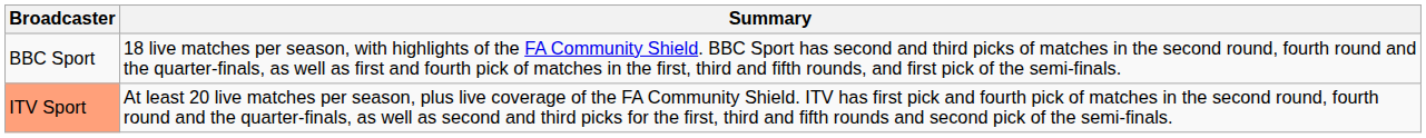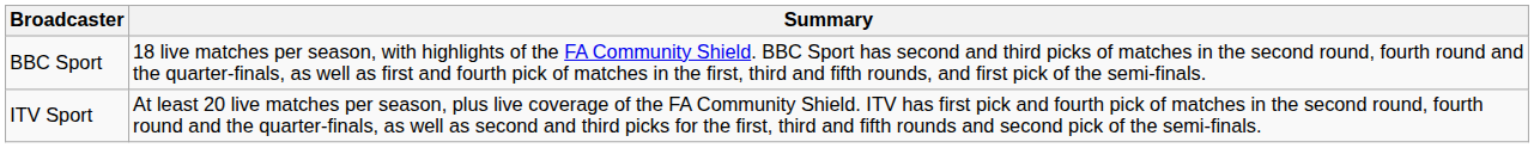 <table class="wikitable">
 <tr>
 <th>Broadcaster</th>
 <th>Summary</th>
 </tr>
 <tr>
 <td>BBC Sport</td>
 <td>18 live matches per season, with highlights of the <a href='#'>FA Community Shield</a>. BBC Sport has second and third picks of matches in the second round, fourth round and the quarter-finals, as well as first and fourth pick of matches in the first, third and fifth rounds, and first pick of the semi-finals.</td>
 </tr>
 <tr>
-<td style="background: lightsalmon;">ITV Sport</td>
+<td>ITV Sport</td>
 <td>At least 20 live matches per season, plus live coverage of the FA Community Shield. ITV has first pick and fourth pick of matches in the second round, fourth round and the quarter-finals, as well as second and third picks for the first, third and fifth rounds and second pick of the semi-finals.</td>
 </tr>
 </table>
